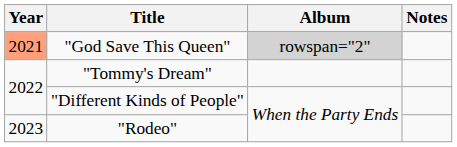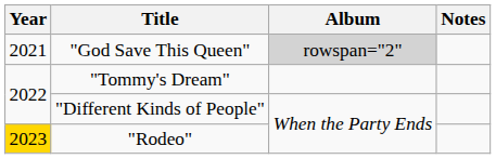 <table class="wikitable plainrowheaders" style="text-align:center;">
 <tr>
 <th>Year</th>
 <th>Title</th>
 <th>Album</th>
 <th>Notes</th>
 </tr>
 <tr>
-<td style="background: lightsalmon;">2021</td>
+<td>2021</td>
 <td>"God Save This Queen"</td>
 <td style="background: lightgrey;">rowspan="2" </td>
 <td></td>
 </tr>
 <tr>
 <td rowspan="2">2022</td>
 <td>"Tommy's Dream"</td>
 <td></td>
 </tr>
 <tr>
 <td>"Different Kinds of People"</td>
 <td rowspan="2"><em>When the Party Ends</em></td>
 <td></td>
 </tr>
 <tr>
-<td>2023</td>
+<td style="background: gold;">2023</td>
 <td>"Rodeo"</td>
 <td></td>
 </tr>
 </table>
